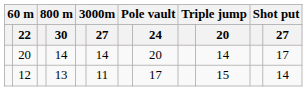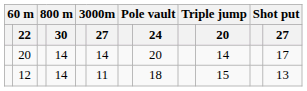 <table class="wikitable">
 <tr>
 <th colspan="2">60 m</th>
 <th colspan="2">800 m</th>
 <th colspan="2">3000m</th>
 <th colspan="2">Pole vault</th>
 <th colspan="2">Triple jump</th>
 <th colspan="2">Shot put</th>
 </tr>
 <tr bgcolor=#ffddff align="left">
 <th></th>
 <th>22</th>
 <th></th>
 <th>30</th>
 <th></th>
 <th>27</th>
 <th></th>
 <th>24</th>
 <th></th>
 <th>20</th>
 <th></th>
 <th>27</th>
 </tr>
 <tr align="center">
 <td></td>
 <td>20</td>
 <td></td>
 <td>14</td>
 <td></td>
 <td>14</td>
 <td></td>
 <td>20</td>
 <td></td>
 <td>14</td>
 <td></td>
 <td>17</td>
 </tr>
 <tr align="center">
 <td></td>
 <td>12</td>
 <td></td>
-<td>13</td>
+<td>14</td>
 <td></td>
 <td>11</td>
 <td></td>
-<td>17</td>
+<td>18</td>
 <td></td>
 <td>15</td>
 <td></td>
-<td>14</td>
+<td>13</td>
 </tr>
 </table>
